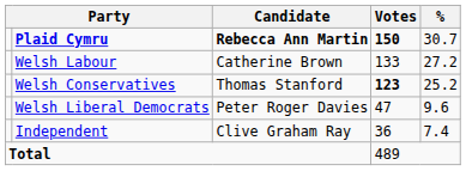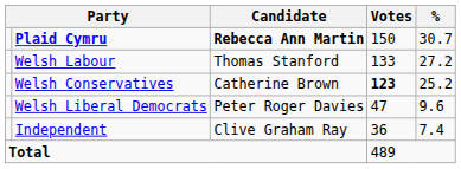 <table class="wikitable">
 <tr>
 <th colspan="2">Party</th>
 <th>Candidate</th>
 <th>Votes</th>
 <th>%</th>
 </tr>
 <tr>
 <td style="color:inherit;background:"></td>
 <td><strong><a href='#'>Plaid Cymru</a></strong></td>
 <td><strong>Rebecca Ann Martin</strong></td>
-<td><strong>150</strong></td>
+<td>150</td>
 <td>30.7</td>
 </tr>
 <tr>
 <td style="color:inherit;background:"></td>
 <td><a href='#'>Welsh Labour</a></td>
-<td>Catherine Brown</td>
+<td>Thomas Stanford</td>
 <td>133</td>
 <td>27.2</td>
 </tr>
 <tr>
 <td style="color:inherit;background:"></td>
 <td><a href='#'>Welsh Conservatives</a></td>
-<td>Thomas Stanford</td>
+<td>Catherine Brown</td>
 <td><strong>123</strong></td>
 <td>25.2</td>
 </tr>
 <tr>
 <td style="color:inherit;background:"></td>
 <td><a href='#'>Welsh Liberal Democrats</a></td>
 <td>Peter Roger Davies</td>
 <td>47</td>
 <td>9.6</td>
 </tr>
 <tr>
 <td style="color:inherit;background:"></td>
 <td><a href='#'>Independent</a></td>
 <td>Clive Graham Ray</td>
 <td>36</td>
 <td>7.4</td>
 </tr>
 <tr>
 <td colspan="3"><strong>Total</strong></td>
 <td colspan="2">489</td>
 </tr>
 </table>
